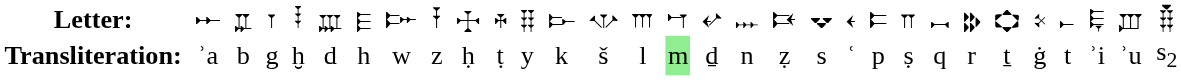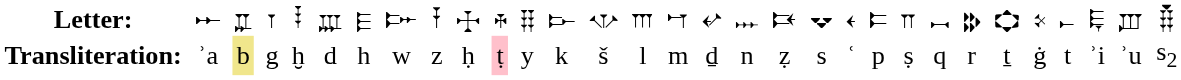 <table style="text-align:center;border-spacing: 0.4em 0em;">
 <tr>
 <td><strong>Letter:</strong></td>
 <td>𐎀</td>
 <td>𐎁</td>
 <td>𐎂</td>
 <td>𐎃</td>
 <td>𐎄</td>
 <td>𐎅</td>
 <td>𐎆</td>
 <td>𐎇</td>
 <td>𐎈</td>
 <td>𐎉</td>
 <td>𐎊</td>
 <td>𐎋</td>
 <td>𐎌</td>
 <td>𐎍</td>
 <td>𐎎</td>
 <td>𐎏</td>
 <td>𐎐</td>
 <td>𐎑</td>
 <td>𐎒</td>
 <td>𐎓</td>
 <td>𐎔</td>
 <td>𐎕</td>
 <td>𐎖</td>
 <td>𐎗</td>
 <td>𐎘</td>
 <td>𐎙</td>
 <td>𐎚</td>
 <td>𐎛</td>
 <td>𐎜</td>
 <td>𐎝</td>
 </tr>
 <tr>
 <td><strong>Transliteration:</strong></td>
 <td>ʾa</td>
-<td>b</td>
+<td style="background: khaki;">b</td>
 <td>g</td>
 <td>ḫ</td>
 <td>d</td>
 <td>h</td>
 <td>w</td>
 <td>z</td>
 <td>ḥ</td>
-<td>ṭ</td>
+<td style="background: pink;">ṭ</td>
 <td>y</td>
 <td>k</td>
 <td>š</td>
 <td>l</td>
-<td style="background: lightgreen;">m</td>
+<td>m</td>
 <td>ḏ</td>
 <td>n</td>
 <td>ẓ</td>
 <td>s</td>
 <td>ʿ</td>
 <td>p</td>
 <td>ṣ</td>
 <td>q</td>
 <td>r</td>
 <td>ṯ</td>
 <td>ġ</td>
 <td>t</td>
 <td>ʾi</td>
 <td>ʾu</td>
 <td>s<sub>2</sub></td>
 </tr>
 </table>
